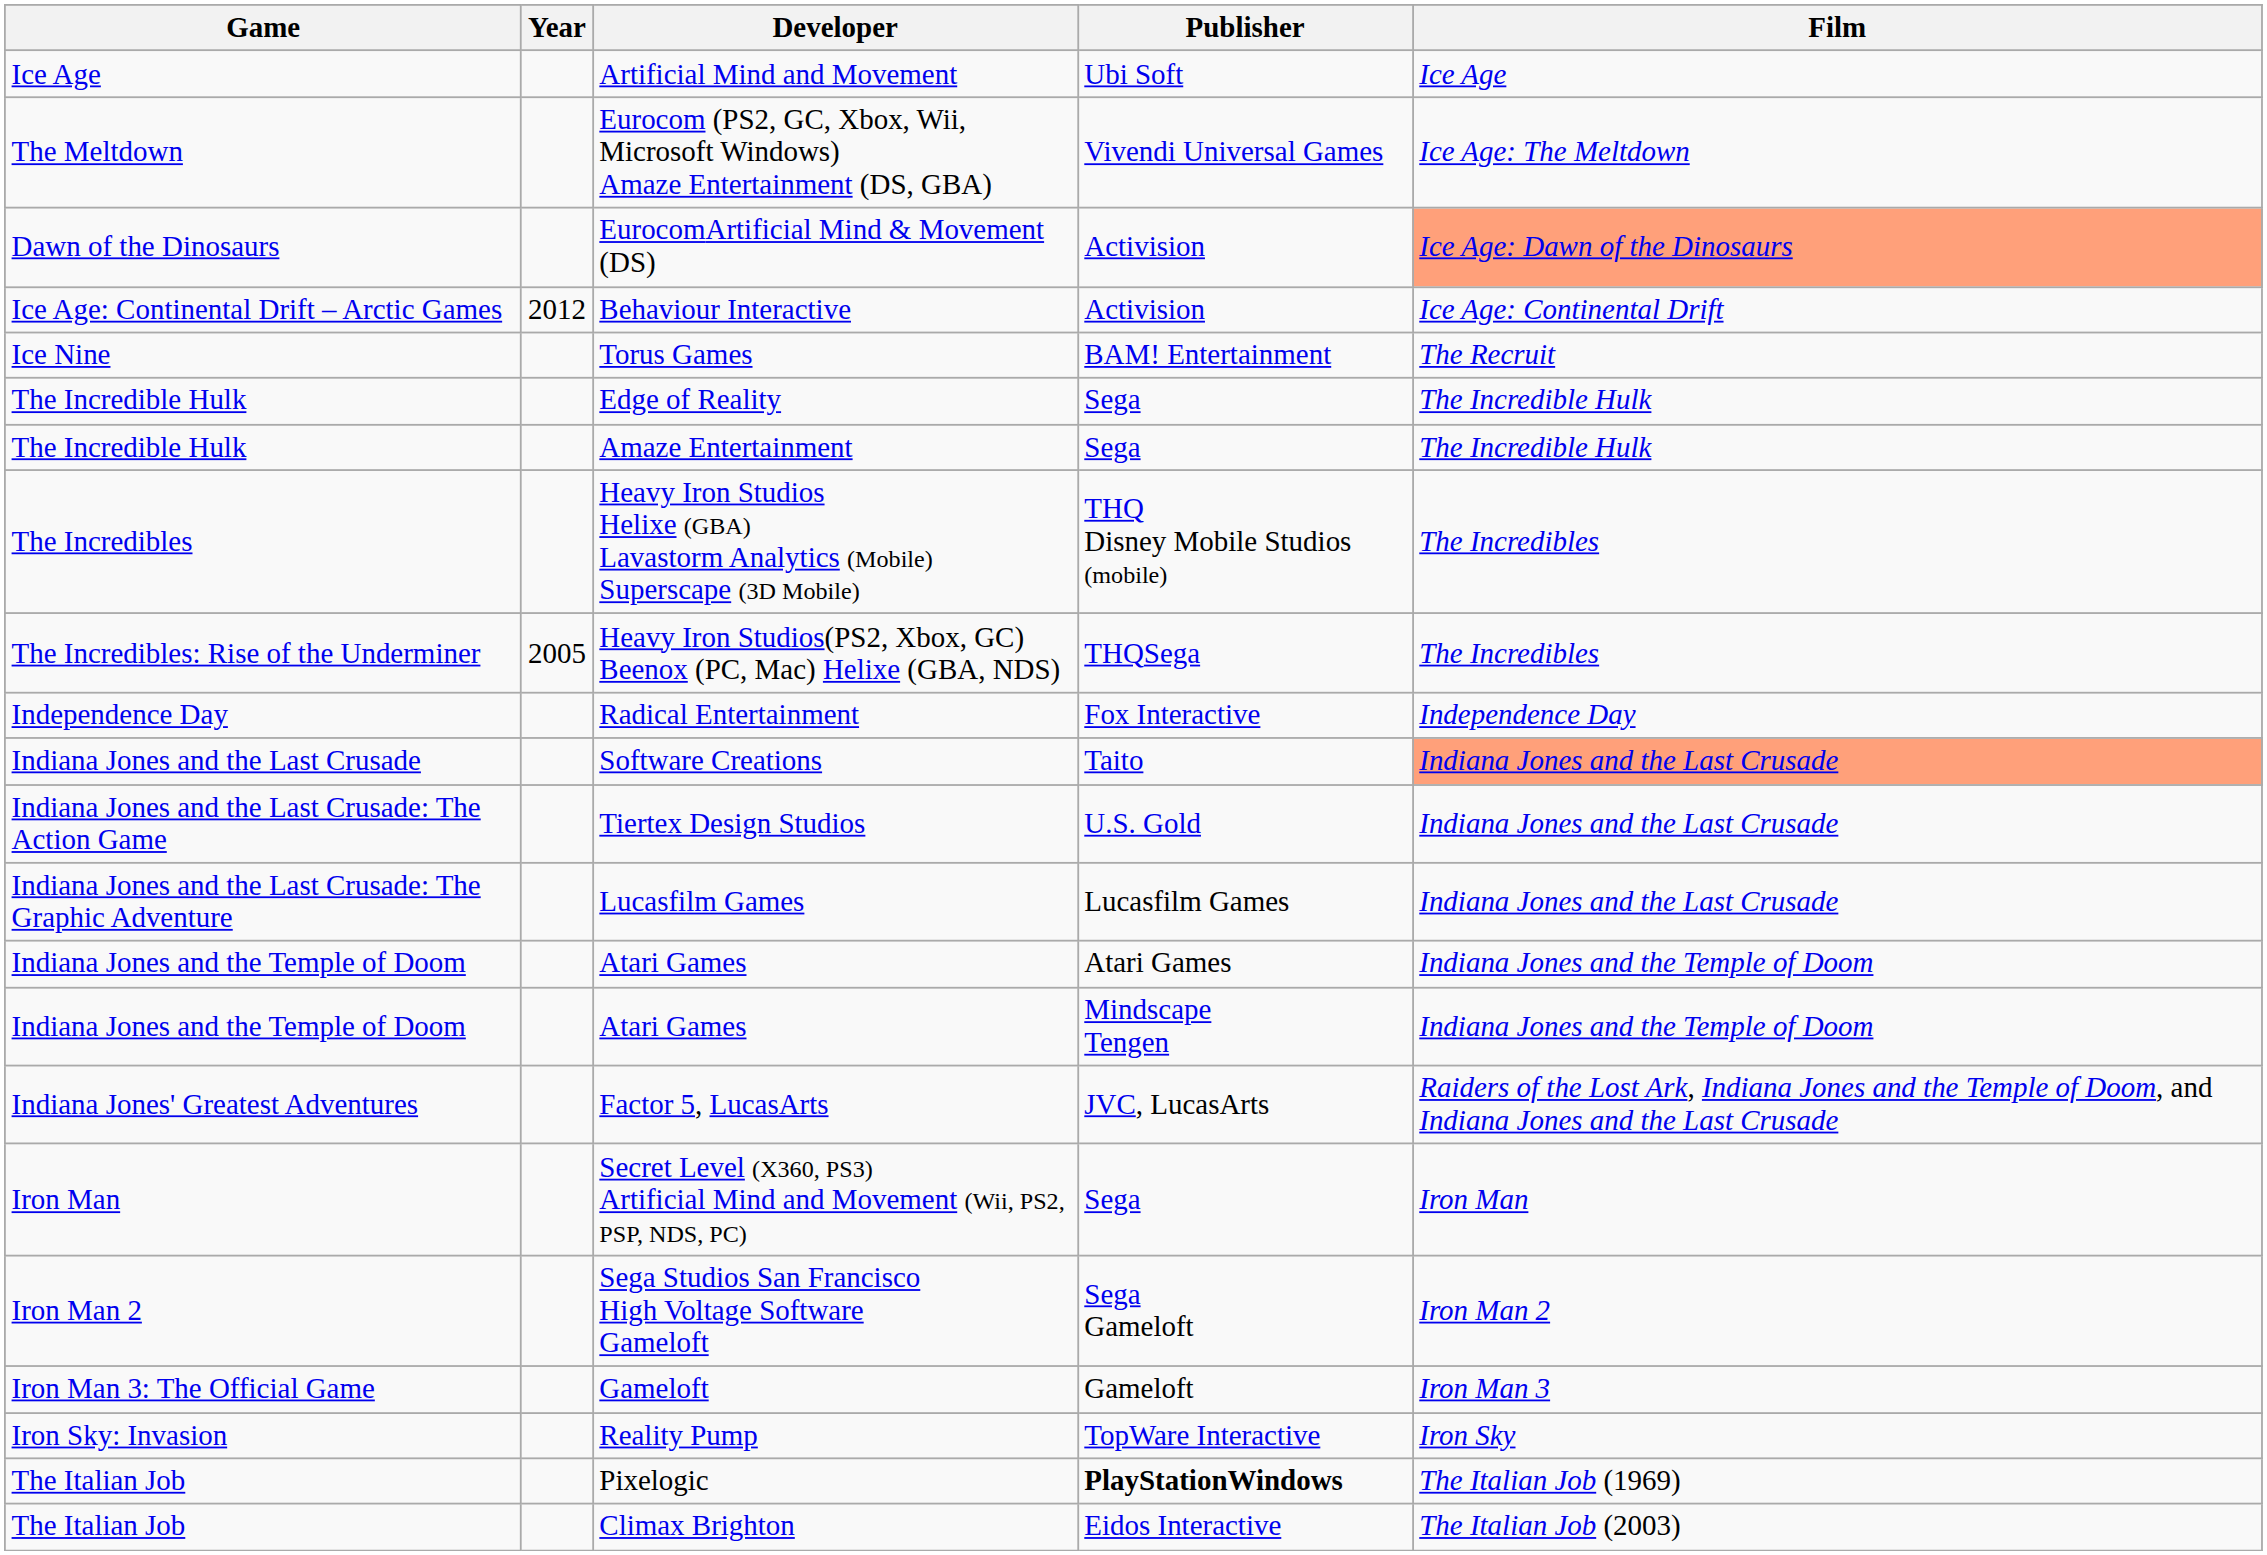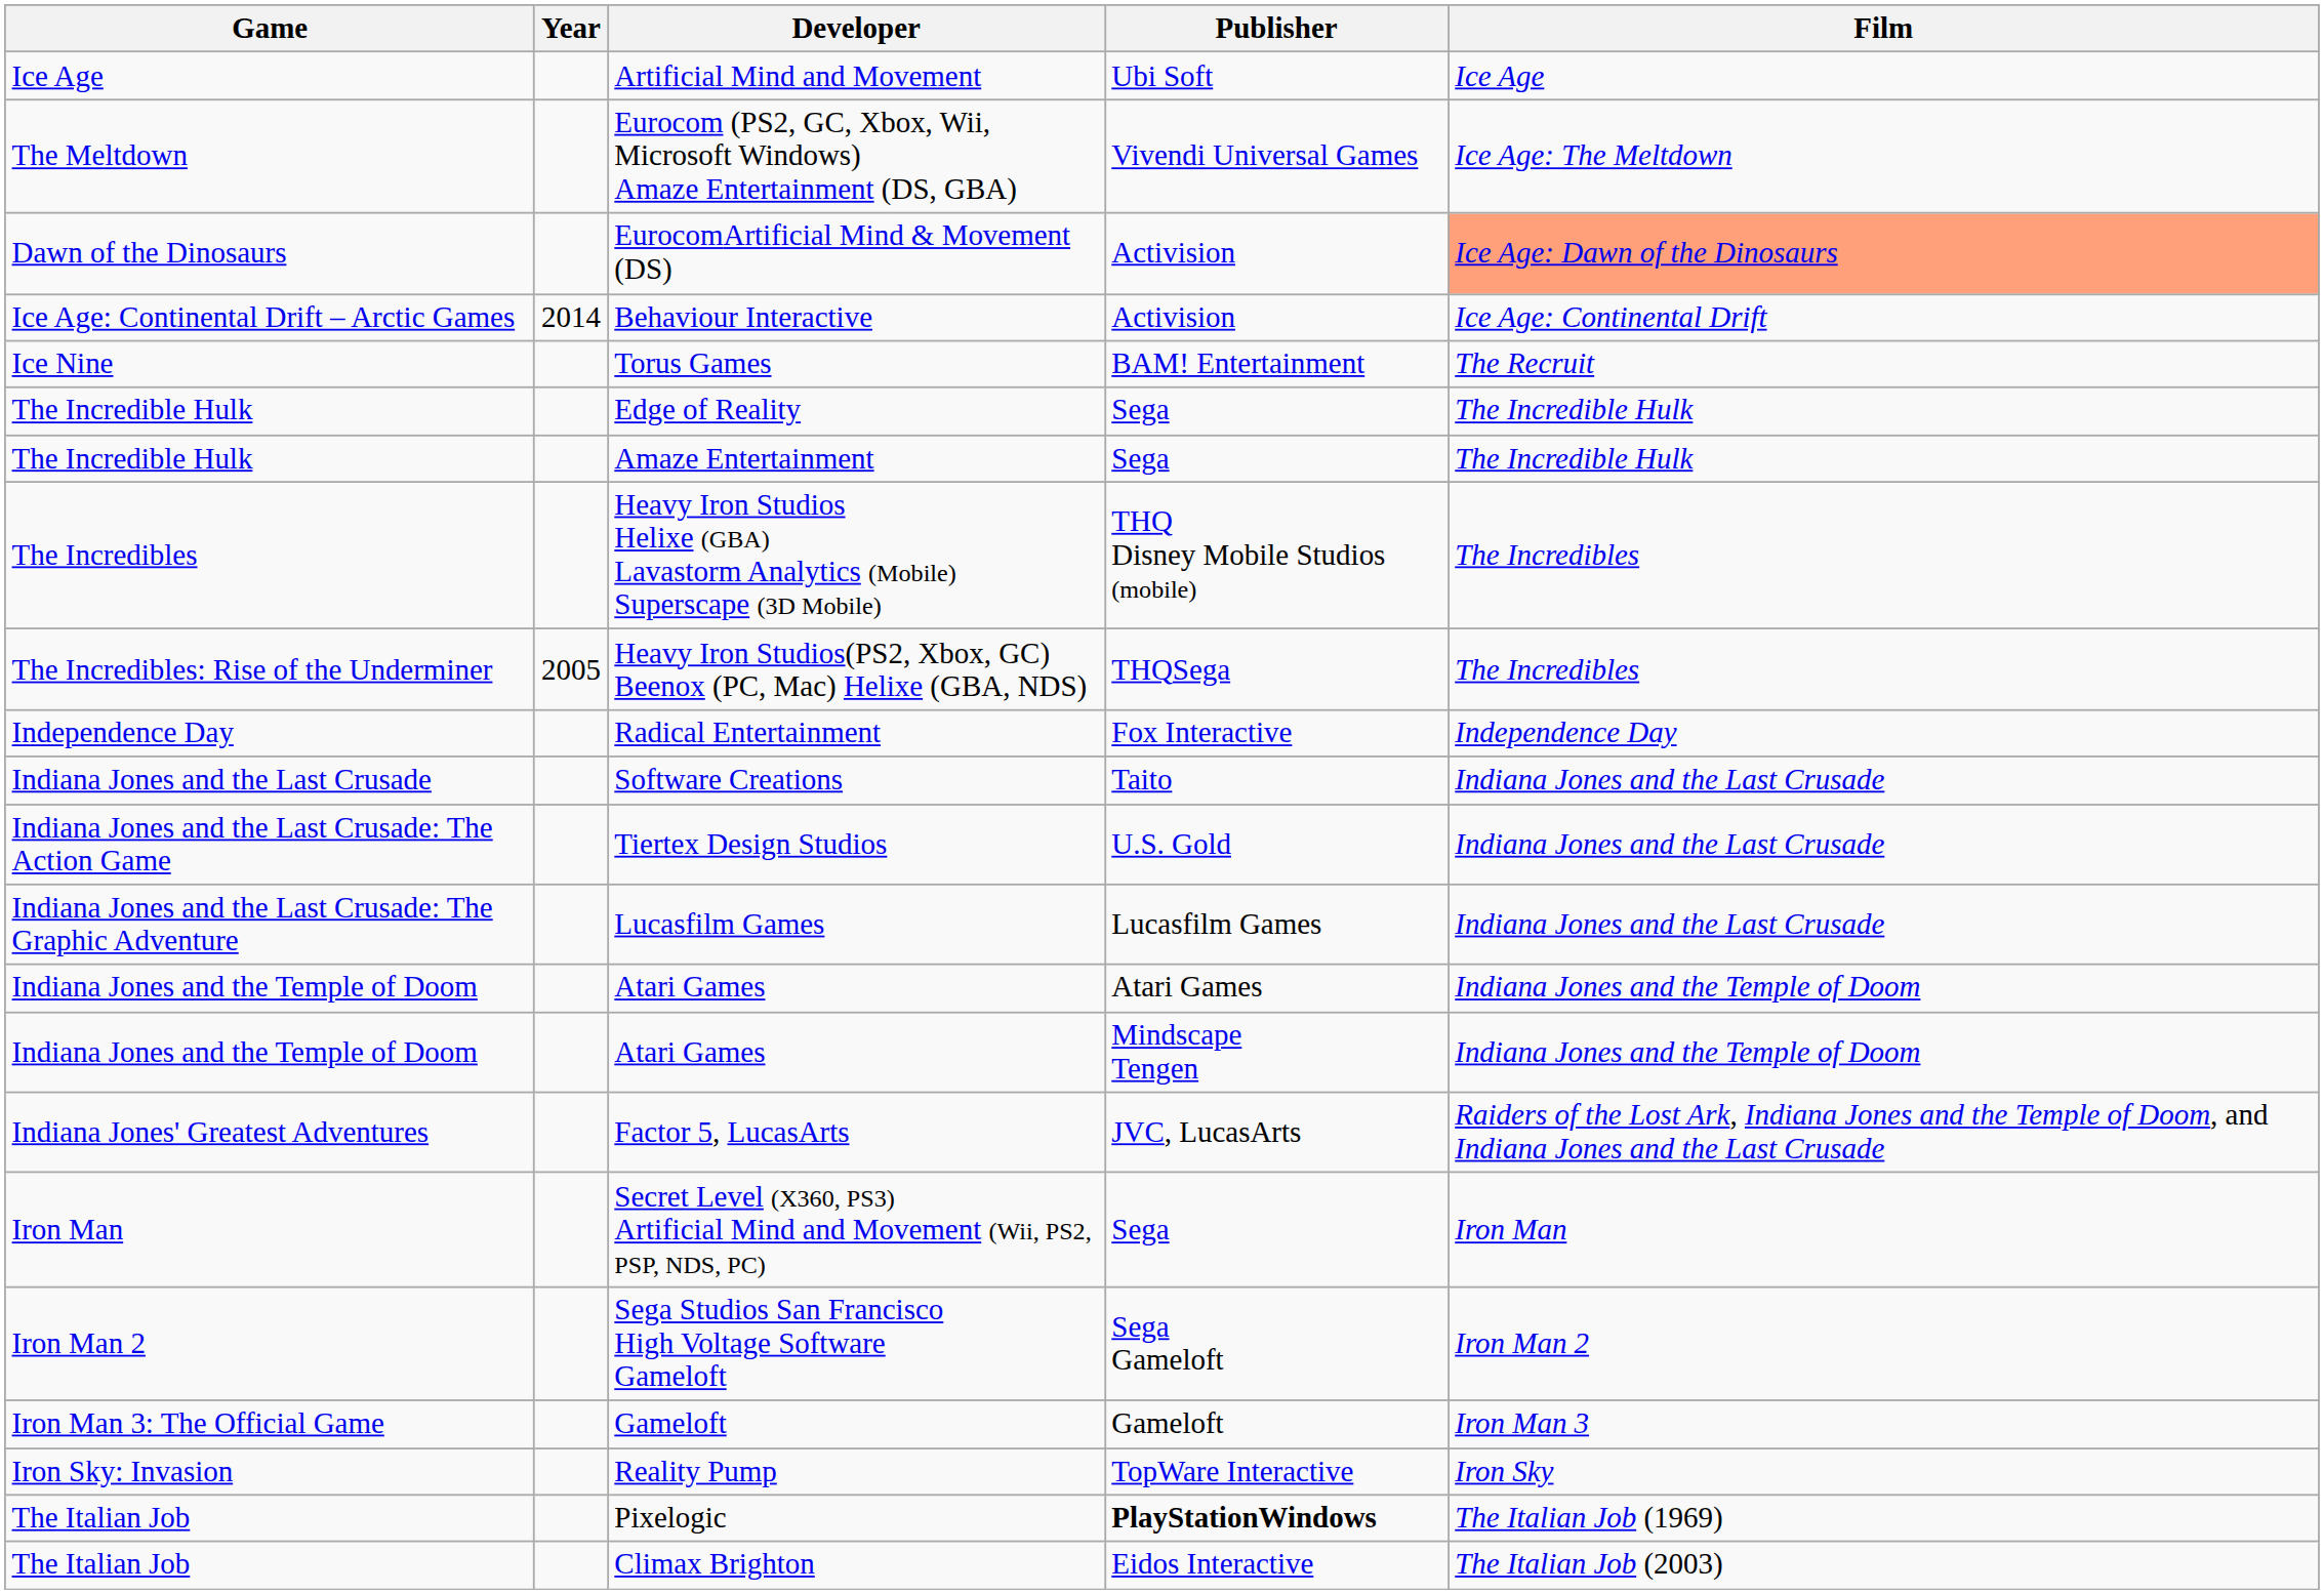 <table class="wikitable sortable">
 <tr>
 <th>Game</th>
 <th>Year</th>
 <th>Developer</th>
 <th>Publisher</th>
 <th>Film</th>
 </tr>
 <tr>
 <td><a href='#'>Ice Age</a></td>
 <td></td>
 <td><a href='#'>Artificial Mind and Movement</a></td>
 <td><a href='#'>Ubi Soft</a></td>
 <td><em><a href='#'>Ice Age</a></em></td>
 </tr>
 <tr>
 <td><a href='#'>The Meltdown</a></td>
 <td></td>
 <td><a href='#'>Eurocom</a> (PS2, GC, Xbox, Wii, Microsoft Windows)<br><a href='#'>Amaze Entertainment</a> (DS, GBA)</td>
 <td><a href='#'>Vivendi Universal Games</a></td>
 <td><em><a href='#'>Ice Age: The Meltdown</a></em></td>
 </tr>
 <tr>
 <td><a href='#'>Dawn of the Dinosaurs</a></td>
 <td></td>
 <td><a href='#'>Eurocom</a><a href='#'>Artificial Mind & Movement</a> (DS)</td>
 <td><a href='#'>Activision</a></td>
 <td style="background: lightsalmon;"><em><a href='#'>Ice Age: Dawn of the Dinosaurs</a></em></td>
 </tr>
 <tr>
 <td><a href='#'>Ice Age: Continental Drift – Arctic Games</a></td>
-<td>2012</td>
+<td>2014</td>
 <td><a href='#'>Behaviour Interactive</a></td>
 <td><a href='#'>Activision</a></td>
 <td><em><a href='#'>Ice Age: Continental Drift</a></em></td>
 </tr>
 <tr>
 <td><a href='#'>Ice Nine</a></td>
 <td></td>
 <td><a href='#'>Torus Games</a></td>
 <td><a href='#'>BAM! Entertainment</a></td>
 <td><em><a href='#'>The Recruit</a></em></td>
 </tr>
 <tr>
 <td><a href='#'>The Incredible Hulk</a></td>
 <td></td>
 <td><a href='#'>Edge of Reality</a></td>
 <td><a href='#'>Sega</a></td>
 <td><em><a href='#'>The Incredible Hulk</a></em></td>
 </tr>
 <tr>
 <td><a href='#'>The Incredible Hulk</a></td>
 <td></td>
 <td><a href='#'>Amaze Entertainment</a></td>
 <td><a href='#'>Sega</a></td>
 <td><em><a href='#'>The Incredible Hulk</a></em></td>
 </tr>
 <tr>
 <td><a href='#'>The Incredibles</a></td>
 <td></td>
 <td><a href='#'>Heavy Iron Studios</a><br><a href='#'>Helixe</a> <small>(GBA)</small><br><a href='#'>Lavastorm Analytics</a> <small>(Mobile)</small><br><a href='#'>Superscape</a> <small>(3D Mobile)</small></td>
 <td><a href='#'>THQ</a><br>Disney Mobile Studios <small>(mobile)</small></td>
 <td><em><a href='#'>The Incredibles</a></em></td>
 </tr>
 <tr>
 <td><a href='#'>The Incredibles: Rise of the Underminer</a></td>
 <td>2005</td>
 <td><a href='#'>Heavy Iron Studios</a>(PS2, Xbox, GC)<br><a href='#'>Beenox</a> (PC, Mac) <a href='#'>Helixe</a> (GBA, NDS)</td>
 <td><a href='#'>THQ</a><a href='#'>Sega</a></td>
 <td><em><a href='#'>The Incredibles</a></em></td>
 </tr>
 <tr>
 <td><a href='#'>Independence Day</a></td>
 <td></td>
 <td><a href='#'>Radical Entertainment</a></td>
 <td><a href='#'>Fox Interactive</a></td>
 <td><em><a href='#'>Independence Day</a></em></td>
 </tr>
 <tr>
 <td><a href='#'>Indiana Jones and the Last Crusade</a></td>
 <td></td>
 <td><a href='#'>Software Creations</a></td>
 <td><a href='#'>Taito</a></td>
-<td style="background: lightsalmon;"><em><a href='#'>Indiana Jones and the Last Crusade</a></em></td>
+<td><em><a href='#'>Indiana Jones and the Last Crusade</a></em></td>
 </tr>
 <tr>
 <td><a href='#'>Indiana Jones and the Last Crusade: The Action Game</a></td>
 <td></td>
 <td><a href='#'>Tiertex Design Studios</a></td>
 <td><a href='#'>U.S. Gold</a></td>
 <td><em><a href='#'>Indiana Jones and the Last Crusade</a></em></td>
 </tr>
 <tr>
 <td><a href='#'>Indiana Jones and the Last Crusade: The Graphic Adventure</a></td>
 <td></td>
 <td><a href='#'>Lucasfilm Games</a></td>
 <td>Lucasfilm Games</td>
 <td><em><a href='#'>Indiana Jones and the Last Crusade</a></em></td>
 </tr>
 <tr>
 <td><a href='#'>Indiana Jones and the Temple of Doom</a></td>
 <td></td>
 <td><a href='#'>Atari Games</a></td>
 <td>Atari Games</td>
 <td><em><a href='#'>Indiana Jones and the Temple of Doom</a></em></td>
 </tr>
 <tr>
 <td><a href='#'>Indiana Jones and the Temple of Doom</a></td>
 <td></td>
 <td><a href='#'>Atari Games</a></td>
 <td><a href='#'>Mindscape</a><br><a href='#'>Tengen</a></td>
 <td><em><a href='#'>Indiana Jones and the Temple of Doom</a></em></td>
 </tr>
 <tr>
 <td><a href='#'>Indiana Jones' Greatest Adventures</a></td>
 <td></td>
 <td><a href='#'>Factor 5</a>, <a href='#'>LucasArts</a></td>
 <td><a href='#'>JVC</a>, LucasArts</td>
 <td><em><a href='#'>Raiders of the Lost Ark</a></em>, <em><a href='#'>Indiana Jones and the Temple of Doom</a></em>, and <em><a href='#'>Indiana Jones and the Last Crusade</a></em></td>
 </tr>
 <tr>
 <td><a href='#'>Iron Man</a></td>
 <td></td>
 <td><a href='#'>Secret Level</a> <small>(X360, PS3)</small> <br> <a href='#'>Artificial Mind and Movement</a> <small>(Wii, PS2, PSP, NDS, PC)</small></td>
 <td><a href='#'>Sega</a></td>
 <td><em><a href='#'>Iron Man</a></em></td>
 </tr>
 <tr>
 <td><a href='#'>Iron Man 2</a></td>
 <td></td>
 <td><a href='#'>Sega Studios San Francisco</a> <br><a href='#'>High Voltage Software</a> <br><a href='#'>Gameloft</a> </td>
 <td><a href='#'>Sega</a><br>Gameloft </td>
 <td><em><a href='#'>Iron Man 2</a></em></td>
 </tr>
 <tr>
 <td><a href='#'>Iron Man 3: The Official Game</a></td>
 <td></td>
 <td><a href='#'>Gameloft</a></td>
 <td>Gameloft</td>
 <td><em><a href='#'>Iron Man 3</a></em></td>
 </tr>
 <tr>
 <td><a href='#'>Iron Sky: Invasion</a></td>
 <td></td>
 <td><a href='#'>Reality Pump</a></td>
 <td><a href='#'>TopWare Interactive</a></td>
 <td><em><a href='#'>Iron Sky</a></em></td>
 </tr>
 <tr>
 <td><a href='#'>The Italian Job</a></td>
 <td></td>
 <td>Pixelogic</td>
 <td><strong>PlayStation</strong><strong>Windows</strong></td>
 <td><em><a href='#'>The Italian Job</a></em> (1969)</td>
 </tr>
 <tr>
 <td><a href='#'>The Italian Job</a></td>
 <td></td>
 <td><a href='#'>Climax Brighton</a></td>
 <td><a href='#'>Eidos Interactive</a></td>
 <td><em><a href='#'>The Italian Job</a></em> (2003)</td>
 </tr>
 </table>
